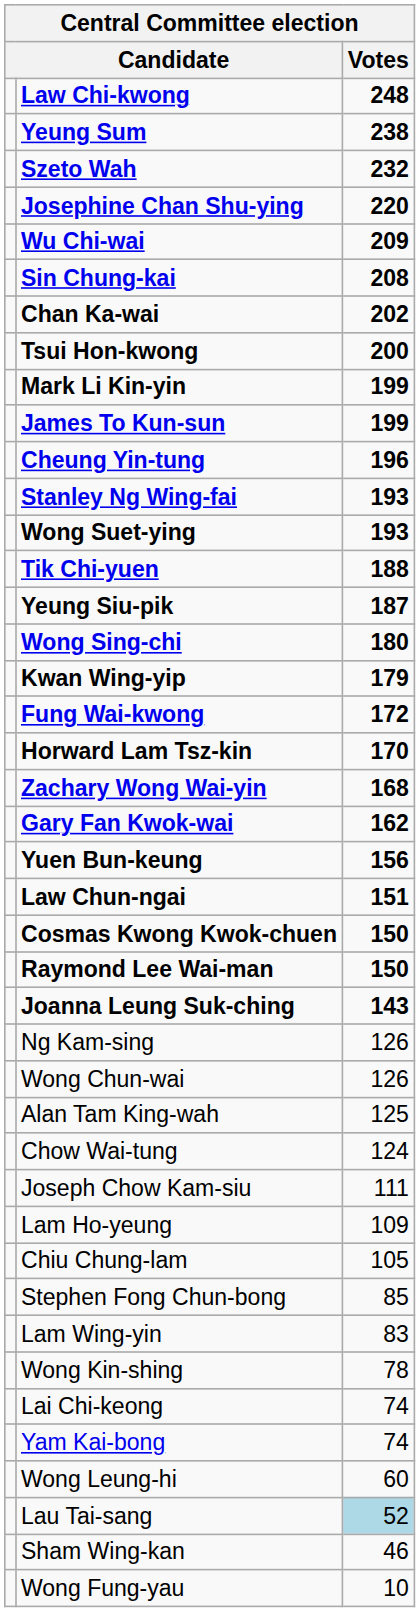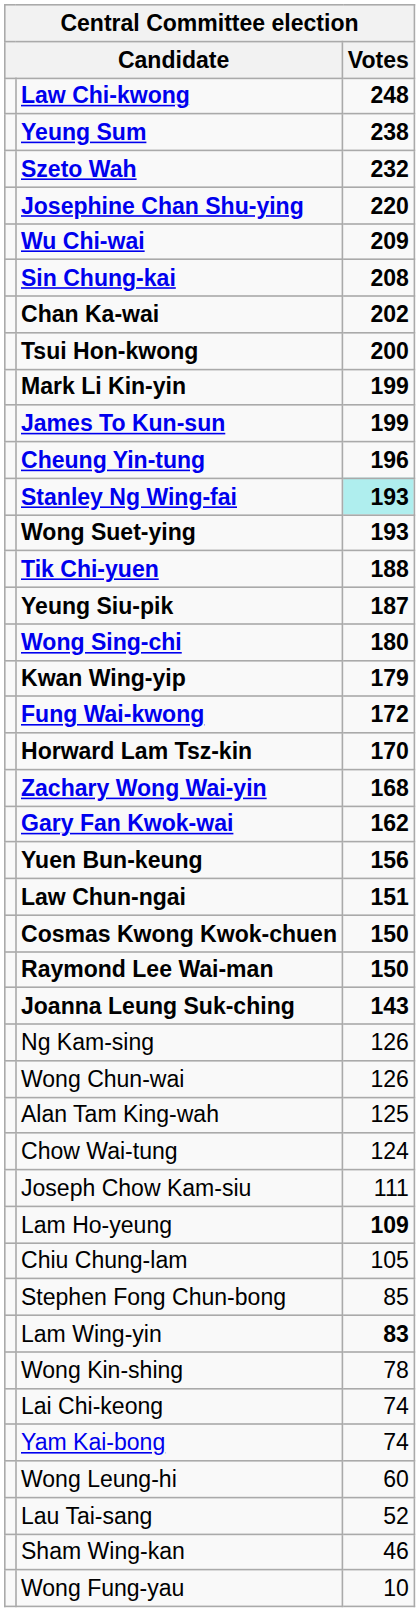 <table class="wikitable" style="text-align:right;font-size:90%">
 <tr>
 <th colspan=3>Central Committee election</th>
 </tr>
 <tr>
 <th colspan=2>Candidate</th>
 <th>Votes</th>
 </tr>
 <tr>
 <td></td>
 <td align=left><strong><a href='#'>Law Chi-kwong</a></strong></td>
 <td><strong>248</strong></td>
 </tr>
 <tr>
 <td></td>
 <td align=left><strong><a href='#'>Yeung Sum</a></strong></td>
 <td><strong>238</strong></td>
 </tr>
 <tr>
 <td></td>
 <td align=left><strong><a href='#'>Szeto Wah</a></strong></td>
 <td><strong>232</strong></td>
 </tr>
 <tr>
 <td></td>
 <td align=left><strong><a href='#'>Josephine Chan Shu-ying</a></strong></td>
 <td><strong>220</strong></td>
 </tr>
 <tr>
 <td></td>
 <td align=left><strong><a href='#'>Wu Chi-wai</a></strong></td>
 <td><strong>209</strong></td>
 </tr>
 <tr>
 <td></td>
 <td align=left><strong><a href='#'>Sin Chung-kai</a></strong></td>
 <td><strong>208</strong></td>
 </tr>
 <tr>
 <td></td>
 <td align=left><strong>Chan Ka-wai</strong></td>
 <td><strong>202</strong></td>
 </tr>
 <tr>
 <td></td>
 <td align=left><strong>Tsui Hon-kwong</strong></td>
 <td><strong>200</strong></td>
 </tr>
 <tr>
 <td></td>
 <td align=left><strong>Mark Li Kin-yin</strong></td>
 <td><strong>199</strong></td>
 </tr>
 <tr>
 <td></td>
 <td align=left><strong><a href='#'>James To Kun-sun</a></strong></td>
 <td><strong>199</strong></td>
 </tr>
 <tr>
 <td></td>
 <td align=left><strong><a href='#'>Cheung Yin-tung</a></strong></td>
 <td><strong>196</strong></td>
 </tr>
 <tr>
 <td></td>
 <td align=left><strong><a href='#'>Stanley Ng Wing-fai</a></strong></td>
-<td><strong>193</strong></td>
+<td style="background: paleturquoise;"><strong>193</strong></td>
 </tr>
 <tr>
 <td></td>
 <td align=left><strong>Wong Suet-ying</strong></td>
 <td><strong>193</strong></td>
 </tr>
 <tr>
 <td></td>
 <td align=left><strong><a href='#'>Tik Chi-yuen</a></strong></td>
 <td><strong>188</strong></td>
 </tr>
 <tr>
 <td></td>
 <td align=left><strong>Yeung Siu-pik</strong></td>
 <td><strong>187</strong></td>
 </tr>
 <tr>
 <td></td>
 <td align=left><strong><a href='#'>Wong Sing-chi</a></strong></td>
 <td><strong>180</strong></td>
 </tr>
 <tr>
 <td></td>
 <td align=left><strong>Kwan Wing-yip</strong></td>
 <td><strong>179</strong></td>
 </tr>
 <tr>
 <td></td>
 <td align=left><strong><a href='#'>Fung Wai-kwong</a></strong></td>
 <td><strong>172</strong></td>
 </tr>
 <tr>
 <td></td>
 <td align=left><strong>Horward Lam Tsz-kin</strong></td>
 <td><strong>170</strong></td>
 </tr>
 <tr>
 <td></td>
 <td align=left><strong><a href='#'>Zachary Wong Wai-yin</a></strong></td>
 <td><strong>168</strong></td>
 </tr>
 <tr>
 <td></td>
 <td align=left><strong><a href='#'>Gary Fan Kwok-wai</a></strong></td>
 <td><strong>162</strong></td>
 </tr>
 <tr>
 <td></td>
 <td align=left><strong>Yuen Bun-keung</strong></td>
 <td><strong>156</strong></td>
 </tr>
 <tr>
 <td></td>
 <td align=left><strong>Law Chun-ngai</strong></td>
 <td><strong>151</strong></td>
 </tr>
 <tr>
 <td></td>
 <td align=left><strong>Cosmas Kwong Kwok-chuen</strong></td>
 <td><strong>150</strong></td>
 </tr>
 <tr>
 <td></td>
 <td align=left><strong>Raymond Lee Wai-man</strong></td>
 <td><strong>150</strong></td>
 </tr>
 <tr>
 <td></td>
 <td align=left><strong>Joanna Leung Suk-ching</strong></td>
 <td><strong>143</strong></td>
 </tr>
 <tr>
 <td></td>
 <td align=left>Ng Kam-sing</td>
 <td>126</td>
 </tr>
 <tr>
 <td></td>
 <td align=left>Wong Chun-wai</td>
 <td>126</td>
 </tr>
 <tr>
 <td></td>
 <td align=left>Alan Tam King-wah</td>
 <td>125</td>
 </tr>
 <tr>
 <td></td>
 <td align=left>Chow Wai-tung</td>
 <td>124</td>
 </tr>
 <tr>
 <td></td>
 <td align=left>Joseph Chow Kam-siu</td>
 <td>111</td>
 </tr>
 <tr>
 <td></td>
 <td align=left>Lam Ho-yeung</td>
-<td>109</td>
+<td><strong>109</strong></td>
 </tr>
 <tr>
 <td></td>
 <td align=left>Chiu Chung-lam</td>
 <td>105</td>
 </tr>
 <tr>
 <td></td>
 <td align=left>Stephen Fong Chun-bong</td>
 <td>85</td>
 </tr>
 <tr>
 <td></td>
 <td align=left>Lam Wing-yin</td>
-<td>83</td>
+<td><strong>83</strong></td>
 </tr>
 <tr>
 <td></td>
 <td align=left>Wong Kin-shing</td>
 <td>78</td>
 </tr>
 <tr>
 <td></td>
 <td align=left>Lai Chi-keong</td>
 <td>74</td>
 </tr>
 <tr>
 <td></td>
 <td align=left><a href='#'>Yam Kai-bong</a></td>
 <td>74</td>
 </tr>
 <tr>
 <td></td>
 <td align=left>Wong Leung-hi</td>
 <td>60</td>
 </tr>
 <tr>
 <td></td>
 <td align=left>Lau Tai-sang</td>
-<td style="background: lightblue;">52</td>
+<td>52</td>
 </tr>
 <tr>
 <td></td>
 <td align=left>Sham Wing-kan</td>
 <td>46</td>
 </tr>
 <tr>
 <td></td>
 <td align=left>Wong Fung-yau</td>
 <td>10</td>
 </tr>
 </table>
